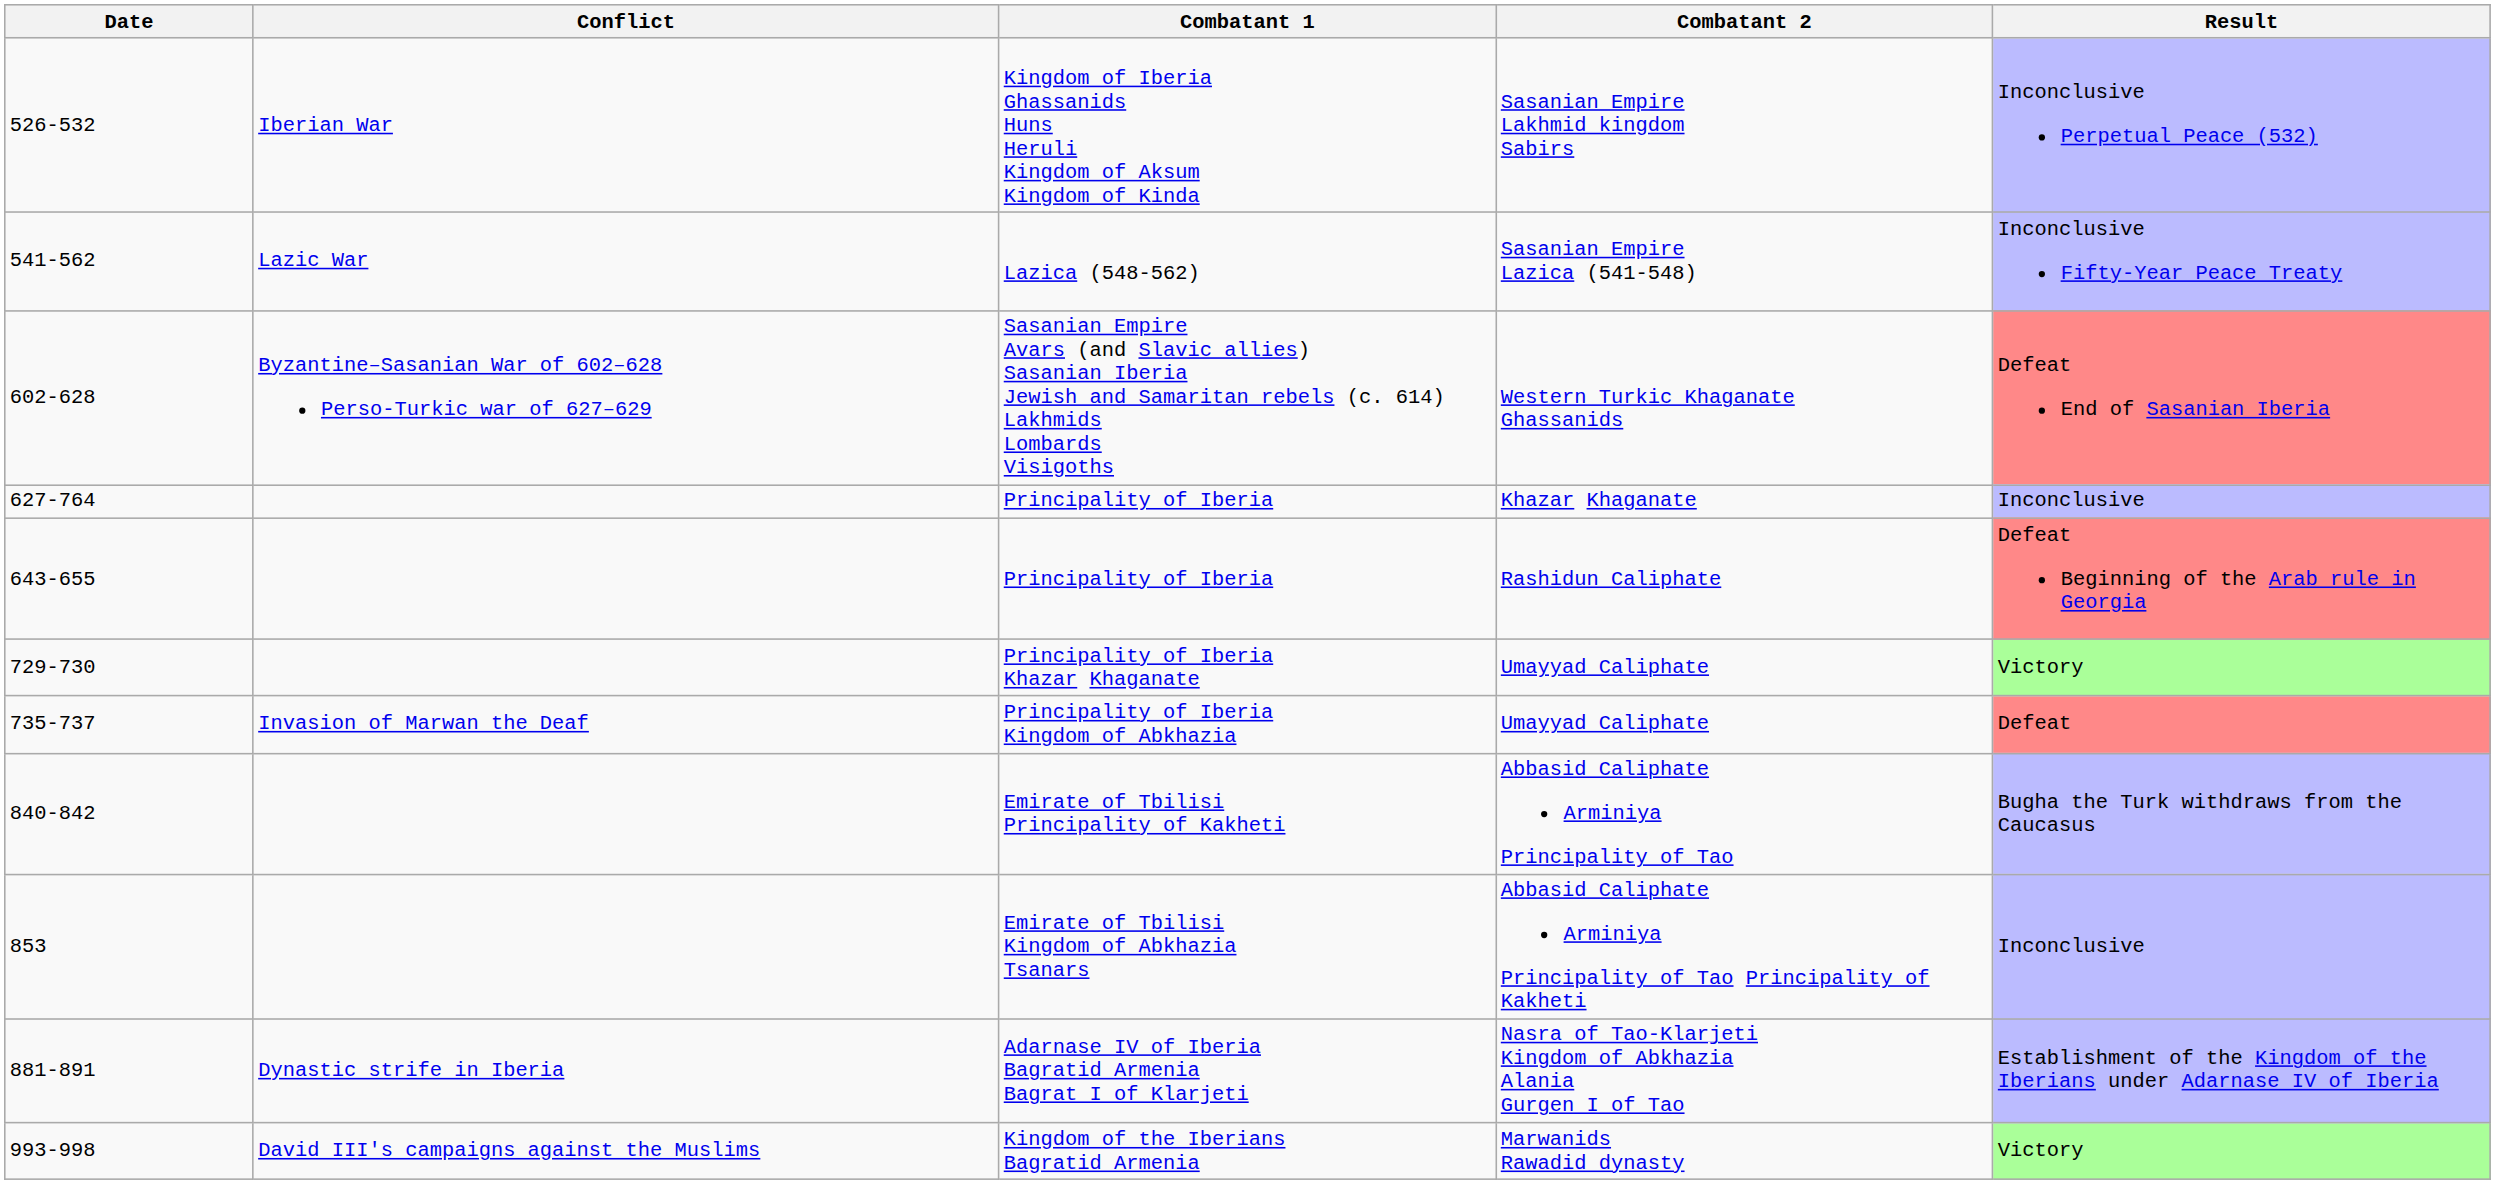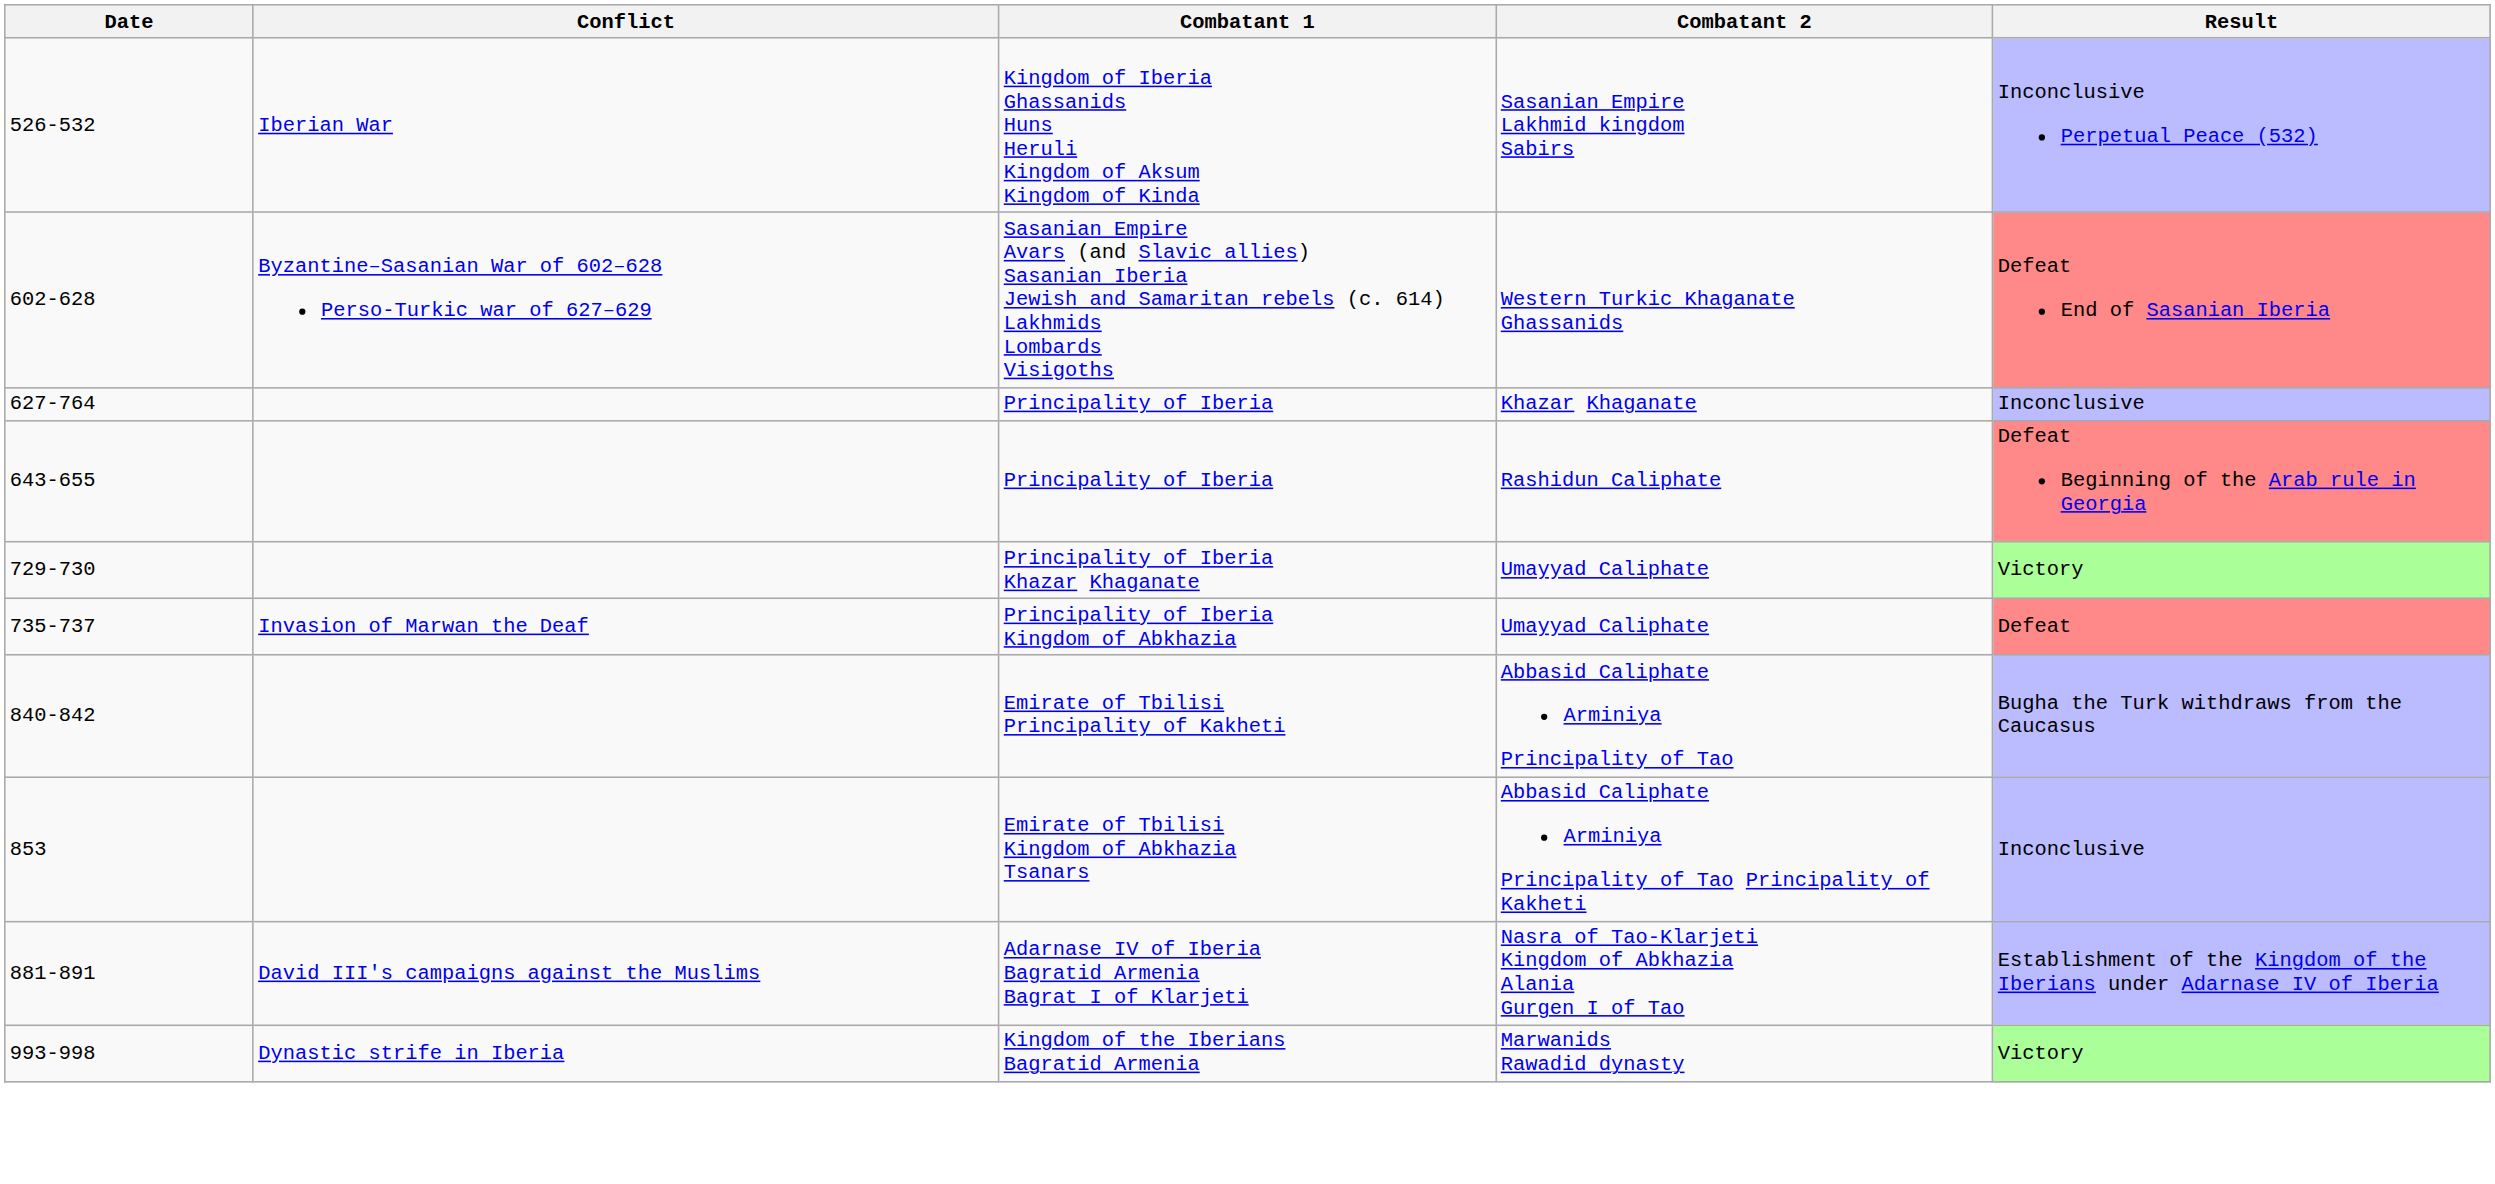 <table class="wikitable" style="width:100%;">
 <tr>
 <th style="width:10%;">Date</th>
 <th style="width:30%;">Conflict</th>
 <th style="width:20%;">Combatant 1</th>
 <th style="width:20%;">Combatant 2</th>
 <th style="width:20%;">Result</th>
 </tr>
 <tr>
 <td>526-532</td>
 <td><a href='#'>Iberian War</a></td>
 <td><br> <a href='#'>Kingdom of Iberia</a><br> <a href='#'>Ghassanids</a><br><a href='#'>Huns</a><br><a href='#'>Heruli</a><br><a href='#'>Kingdom of Aksum</a><br><a href='#'>Kingdom of Kinda</a></td>
 <td> <a href='#'>Sasanian Empire</a><br><a href='#'>Lakhmid kingdom</a><br><a href='#'>Sabirs</a></td>
 <td style="background:#BBF">Inconclusive<br><ul><li><a href='#'>Perpetual Peace (532)</a></li></ul></td>
-</tr>
-<tr>
-<td>541-562</td>
-<td><a href='#'>Lazic War</a></td>
-<td><br><a href='#'>Lazica</a> (548-562)</td>
-<td> <a href='#'>Sasanian Empire</a><br><a href='#'>Lazica</a> (541-548)</td>
-<td style="background:#BBF">Inconclusive<br><ul><li><a href='#'>Fifty-Year Peace Treaty</a></li></ul></td>
 </tr>
 <tr>
 <td>602-628</td>
 <td><a href='#'>Byzantine–Sasanian War of 602–628</a><br><ul><li><a href='#'>Perso-Turkic war of 627–629</a></li></ul></td>
 <td> <a href='#'>Sasanian Empire</a><br><a href='#'>Avars</a> (and <a href='#'>Slavic allies</a>)<br> <a href='#'>Sasanian Iberia</a><br><a href='#'>Jewish and Samaritan rebels</a> (c. 614)<br><a href='#'>Lakhmids</a><br><a href='#'>Lombards</a><br><a href='#'>Visigoths</a></td>
 <td><br><a href='#'>Western Turkic Khaganate</a><br><a href='#'>Ghassanids</a></td>
 <td style="background:#F88">Defeat<br><ul><li>End of <a href='#'>Sasanian Iberia</a></li></ul></td>
 </tr>
 <tr>
 <td>627-764</td>
 <td></td>
 <td> <a href='#'>Principality of Iberia</a></td>
 <td><a href='#'>Khazar</a> <a href='#'>Khaganate</a></td>
 <td style="background:#BBF">Inconclusive</td>
 </tr>
 <tr>
 <td>643-655</td>
 <td></td>
 <td> <a href='#'>Principality of Iberia</a></td>
 <td><a href='#'>Rashidun Caliphate</a></td>
 <td style="background:#F88">Defeat<br><ul><li>Beginning of the <a href='#'>Arab rule in Georgia</a></li></ul></td>
 </tr>
 <tr>
 <td>729-730</td>
 <td></td>
 <td> <a href='#'>Principality of Iberia</a><br><a href='#'>Khazar</a> <a href='#'>Khaganate</a></td>
 <td><a href='#'>Umayyad Caliphate</a></td>
 <td style="background:#AF9">Victory</td>
 </tr>
 <tr>
 <td>735-737</td>
 <td><a href='#'>Invasion of Marwan the Deaf</a></td>
 <td> <a href='#'>Principality of Iberia</a><br> <a href='#'>Kingdom of Abkhazia</a></td>
 <td><a href='#'>Umayyad Caliphate</a></td>
 <td style="background:#F88">Defeat</td>
 </tr>
 <tr>
 <td>840-842</td>
 <td></td>
 <td><a href='#'>Emirate of Tbilisi</a><br><a href='#'>Principality of Kakheti</a></td>
 <td> <a href='#'>Abbasid Caliphate</a><br><ul><li><a href='#'>Arminiya</a></li></ul><a href='#'>Principality of Tao</a></td>
 <td style="background:#BBF">Bugha the Turk withdraws from the Caucasus</td>
 </tr>
 <tr>
 <td>853</td>
 <td></td>
 <td><a href='#'>Emirate of Tbilisi</a><br> <a href='#'>Kingdom of Abkhazia</a><br> <a href='#'>Tsanars</a></td>
 <td> <a href='#'>Abbasid Caliphate</a><br><ul><li><a href='#'>Arminiya</a></li></ul><a href='#'>Principality of Tao</a> <a href='#'>Principality of Kakheti</a></td>
 <td style="background:#BBF">Inconclusive</td>
 </tr>
 <tr>
 <td>881-891</td>
-<td><a href='#'>Dynastic strife in Iberia</a></td>
+<td><a href='#'>David III's campaigns against the Muslims</a></td>
 <td><a href='#'>Adarnase IV of Iberia</a><br> <a href='#'>Bagratid Armenia</a><br><a href='#'>Bagrat I of Klarjeti</a></td>
 <td><a href='#'>Nasra of Tao-Klarjeti</a><br> <a href='#'>Kingdom of Abkhazia</a><br><a href='#'>Alania</a><br><a href='#'>Gurgen I of Tao</a></td>
 <td style="background:#BBF">Establishment of the <a href='#'>Kingdom of the Iberians</a> under <a href='#'>Adarnase IV of Iberia</a></td>
 </tr>
 <tr>
 <td>993-998</td>
-<td><a href='#'>David III's campaigns against the Muslims</a></td>
+<td><a href='#'>Dynastic strife in Iberia</a></td>
 <td> <a href='#'>Kingdom of the Iberians</a><br> <a href='#'>Bagratid Armenia</a></td>
 <td><a href='#'>Marwanids</a><br><a href='#'>Rawadid dynasty</a></td>
 <td style="background:#AF9">Victory</td>
 </tr>
 </table>
